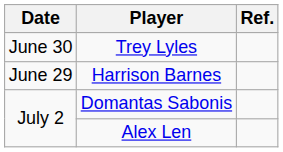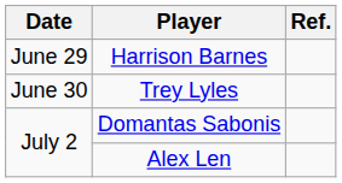 <table class="wikitable sortable sortable" style="text-align: center">
 <tr>
 <th>Date</th>
 <th>Player</th>
 <th>Ref.</th>
 </tr>
 <tr>
-<td>June 30</td>
-<td><a href='#'>Trey Lyles</a></td>
+<td>June 29</td>
+<td><a href='#'>Harrison Barnes</a></td>
 <td></td>
 </tr>
 <tr>
-<td>June 29</td>
-<td><a href='#'>Harrison Barnes</a></td>
+<td>June 30</td>
+<td><a href='#'>Trey Lyles</a></td>
 <td></td>
 </tr>
 <tr>
 <td rowspan=2>July 2</td>
 <td><a href='#'>Domantas Sabonis</a></td>
 <td></td>
 </tr>
 <tr>
 <td><a href='#'>Alex Len</a></td>
 <td></td>
 </tr>
 </table>
